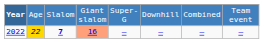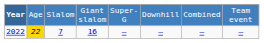 <table class="wikitable" style="font-size:95%; text-align:center; border:grey solid 1px; border-collapse:collapse;" width="40%">
 <tr style="background-color:#369; color:white;">
 <td rowspan="2" colspan="1" width="4%"><strong>Year</strong></td>
 </tr>
 <tr style="background-color:#4180be; color:white;">
 <td width="3%">Age</td>
 <td width="5%">Slalom</td>
 <td width="5%">Giant<br>slalom</td>
 <td width="5%">Super-G</td>
 <td width="5%">Downhill</td>
 <td width="5%">Combined</td>
 <td width="5%">Team<br> event </td>
 </tr>
 <tr style="background-color:#8CB2D8; color:white;">
 </tr>
 <tr>
 <td><a href='#'>2022</a></td>
 <td style="background: gold;"><em>22</em></td>
-<td><strong><a href='#'>7</a></strong></td>
-<td style="background: lightsalmon;"><a href='#'>16</a></td>
+<td><a href='#'>7</a></td>
+<td><a href='#'>16</a></td>
 <td><a href='#'>—</a></td>
 <td><a href='#'>—</a></td>
 <td><a href='#'>—</a></td>
 <td><a href='#'>—</a></td>
 </tr>
 </table>
